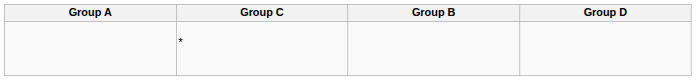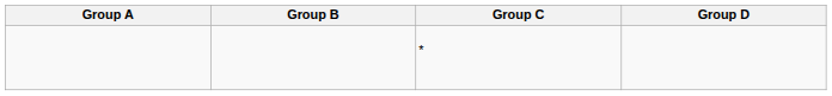 <table class="wikitable" width=80%>
 <tr>
 <th width=25%>Group A</th>
+<th width=25%>Group B</th>
 <th width=25%>Group C</th>
-<th width=25%>Group B</th>
 <th width=25%>Group D</th>
 </tr>
 <tr>
 <td valign=top><br><br> <br> <br> </td>
+<td valign=top><br><br> <br> <br> </td>
 <td valign=top><br><s></s> *<br> <br> <br> </td>
-<td valign=top><br><br> <br> <br> </td>
 <td valign=top><br><br> <br> </td>
 </tr>
 </table>
